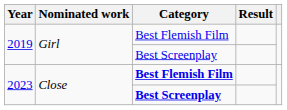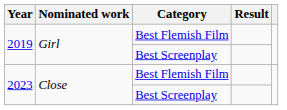 <table class="wikitable sortable">
 <tr>
 <th>Year</th>
 <th>Nominated work</th>
 <th>Category</th>
 <th>Result</th>
 <th class="unsortable"></th>
 </tr>
 <tr>
 <td rowspan="2"><a href='#'>2019</a></td>
 <td rowspan="2"><em>Girl</em></td>
 <td><a href='#'>Best Flemish Film</a></td>
 <td></td>
 <td rowspan="2"></td>
 </tr>
 <tr>
 <td><a href='#'>Best Screenplay</a></td>
 <td></td>
 </tr>
 <tr>
 <td rowspan="2"><a href='#'>2023</a></td>
 <td rowspan="2"><em>Close</em></td>
-<td><strong><a href='#'>Best Flemish Film</a></strong></td>
+<td><a href='#'>Best Flemish Film</a></td>
 <td></td>
 <td rowspan="2"></td>
 </tr>
 <tr>
-<td><strong><a href='#'>Best Screenplay</a></strong></td>
+<td><a href='#'>Best Screenplay</a></td>
 <td></td>
 </tr>
 </table>
